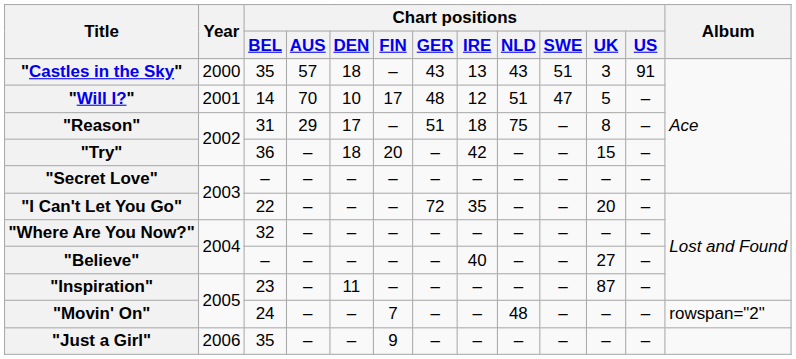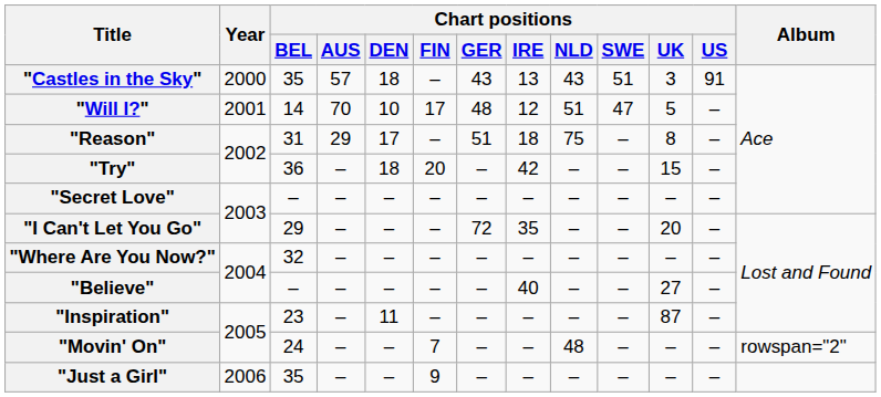 <table class="wikitable plainrowheaders">
 <tr>
 <th scope="col" rowspan="2">Title</th>
 <th scope="col" rowspan="2">Year</th>
 <th scope="col" colspan="10">Chart positions</th>
 <th scope="col" rowspan="2">Album</th>
 </tr>
 <tr>
 <th width="30"><a href='#'>BEL</a><br></th>
 <th width="30"><a href='#'>AUS</a><br></th>
 <th width="30"><a href='#'>DEN</a><br></th>
 <th width="30"><a href='#'>FIN</a><br></th>
 <th width="30"><a href='#'>GER</a><br></th>
 <th width="30"><a href='#'>IRE</a><br></th>
 <th width="30"><a href='#'>NLD</a><br></th>
 <th width="30"><a href='#'>SWE</a><br></th>
 <th width="30"><a href='#'>UK</a><br></th>
 <th width="30"><a href='#'>US</a><br></th>
 </tr>
 <tr>
 <th scope="row">"<a href='#'>Castles in the Sky</a>"</th>
 <td>2000</td>
 <td align="center">35</td>
 <td align="center">57</td>
 <td align="center">18</td>
 <td align="center">–</td>
 <td align="center">43</td>
 <td align="center">13</td>
 <td align="center">43</td>
 <td align="center">51</td>
 <td align="center">3</td>
 <td align="center">91</td>
 <td rowspan="5"><em>Ace</em></td>
 </tr>
 <tr>
 <th scope="row">"<a href='#'>Will I?</a>"</th>
 <td>2001</td>
 <td align="center">14</td>
 <td align="center">70</td>
 <td align="center">10</td>
 <td align="center">17</td>
 <td align="center">48</td>
 <td align="center">12</td>
 <td align="center">51</td>
 <td align="center">47</td>
 <td align="center">5</td>
 <td align="center">–</td>
 </tr>
 <tr>
 <th scope="row">"Reason"</th>
 <td rowspan="2">2002</td>
 <td align="center">31</td>
 <td align="center">29</td>
 <td align="center">17</td>
 <td align="center">–</td>
 <td align="center">51</td>
 <td align="center">18</td>
 <td align="center">75</td>
 <td align="center">–</td>
 <td align="center">8</td>
 <td align="center">–</td>
 </tr>
 <tr>
 <th scope="row">"Try"</th>
 <td align="center">36</td>
 <td align="center">–</td>
 <td align="center">18</td>
 <td align="center">20</td>
 <td align="center">–</td>
 <td align="center">42</td>
 <td align="center">–</td>
 <td align="center">–</td>
 <td align="center">15</td>
 <td align="center">–</td>
 </tr>
 <tr>
 <th scope="row">"Secret Love"</th>
 <td rowspan="2">2003</td>
 <td align="center">–</td>
 <td align="center">–</td>
 <td align="center">–</td>
 <td align="center">–</td>
 <td align="center">–</td>
 <td align="center">–</td>
 <td align="center">–</td>
 <td align="center">–</td>
 <td align="center">–</td>
 <td align="center">–</td>
 </tr>
 <tr>
 <th scope="row">"I Can't Let You Go"</th>
-<td align="center">22</td>
+<td align="center">29</td>
 <td align="center">–</td>
 <td align="center">–</td>
 <td align="center">–</td>
 <td align="center">72</td>
 <td align="center">35</td>
 <td align="center">–</td>
 <td align="center">–</td>
 <td align="center">20</td>
 <td align="center">–</td>
 <td rowspan="4"><em>Lost and Found</em></td>
 </tr>
 <tr>
 <th scope="row">"Where Are You Now?"</th>
 <td rowspan="2">2004</td>
 <td align="center">32</td>
 <td align="center">–</td>
 <td align="center">–</td>
 <td align="center">–</td>
 <td align="center">–</td>
 <td align="center">–</td>
 <td align="center">–</td>
 <td align="center">–</td>
 <td align="center">–</td>
 <td align="center">–</td>
 </tr>
 <tr>
 <th scope="row">"Believe"</th>
 <td align="center">–</td>
 <td align="center">–</td>
 <td align="center">–</td>
 <td align="center">–</td>
 <td align="center">–</td>
 <td align="center">40</td>
 <td align="center">–</td>
 <td align="center">–</td>
 <td align="center">27</td>
 <td align="center">–</td>
 </tr>
 <tr>
 <th scope="row">"Inspiration"</th>
 <td rowspan="2">2005</td>
 <td align="center">23</td>
 <td align="center">–</td>
 <td align="center">11</td>
 <td align="center">–</td>
 <td align="center">–</td>
 <td align="center">–</td>
 <td align="center">–</td>
 <td align="center">–</td>
 <td align="center">87</td>
 <td align="center">–</td>
 </tr>
 <tr>
 <th scope="row">"Movin' On"</th>
 <td align="center">24</td>
 <td align="center">–</td>
 <td align="center">–</td>
 <td align="center">7</td>
 <td align="center">–</td>
 <td align="center">–</td>
 <td align="center">48</td>
 <td align="center">–</td>
 <td align="center">–</td>
 <td align="center">–</td>
 <td>rowspan="2" </td>
 </tr>
 <tr>
 <th scope="row">"Just a Girl"</th>
 <td>2006</td>
 <td align="center">35</td>
 <td align="center">–</td>
 <td align="center">–</td>
 <td align="center">9</td>
 <td align="center">–</td>
 <td align="center">–</td>
 <td align="center">–</td>
 <td align="center">–</td>
 <td align="center">–</td>
 <td align="center">–</td>
 </tr>
 </table>
